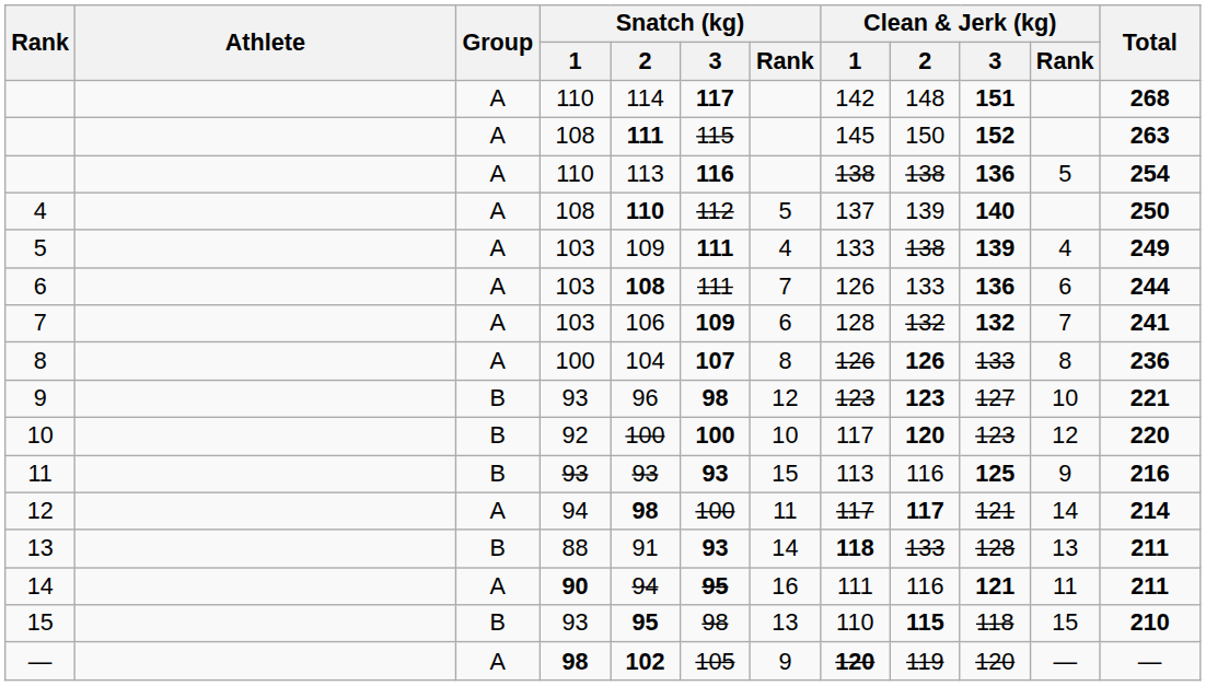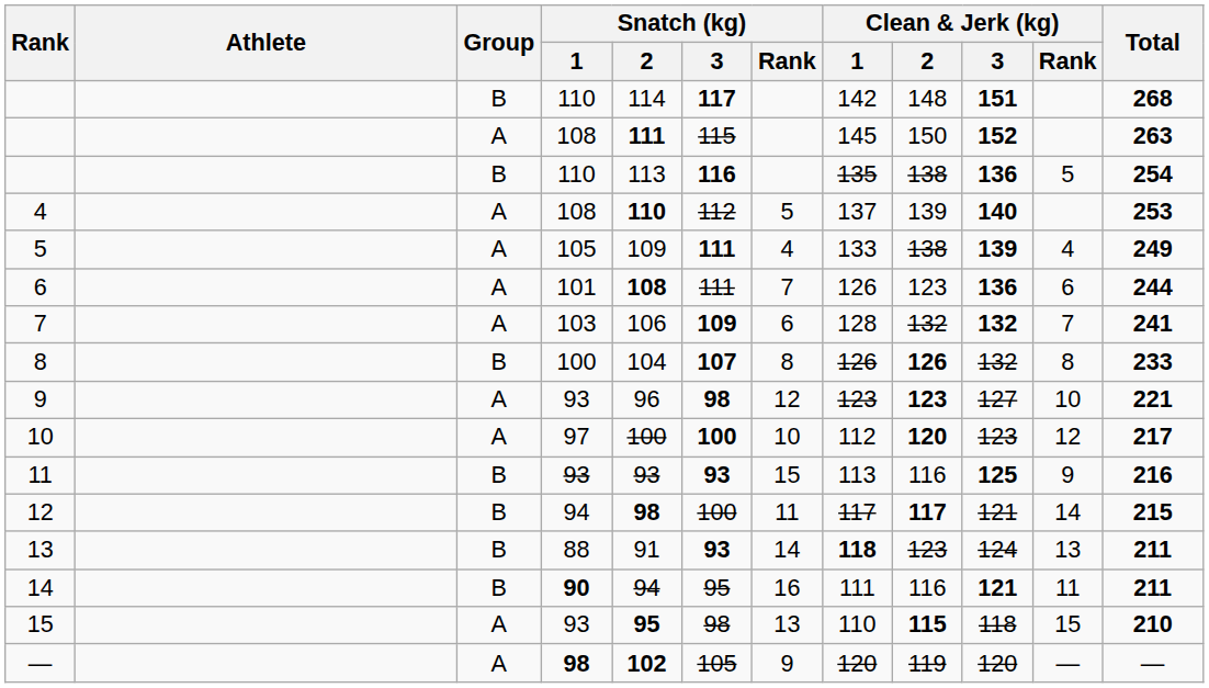 <table class = "wikitable" style="text-align:center;">
 <tr>
 <th rowspan=2 width=40>Rank</th>
 <th rowspan=2 width=250>Athlete</th>
 <th rowspan=2 width=50>Group</th>
 <th colspan=4>Snatch (kg)</th>
 <th colspan=4>Clean & Jerk (kg)</th>
 <th rowspan=2 width=60>Total</th>
 </tr>
 <tr>
 <th width=40>1</th>
 <th width=40>2</th>
 <th width=40>3</th>
 <th width=40>Rank</th>
 <th width=40>1</th>
 <th width=40>2</th>
 <th width=40>3</th>
 <th width=40>Rank</th>
 </tr>
 <tr>
 <td></td>
 <td align=left></td>
-<td>A</td>
+<td>B</td>
 <td>110</td>
 <td>114</td>
 <td><strong>117</strong></td>
 <td></td>
 <td>142</td>
 <td>148</td>
 <td><strong>151</strong></td>
 <td></td>
 <td><strong>268</strong></td>
 </tr>
 <tr>
 <td></td>
 <td align=left></td>
 <td>A</td>
 <td>108</td>
 <td><strong>111</strong></td>
 <td><s>115</s></td>
 <td></td>
 <td>145</td>
 <td>150</td>
 <td><strong>152</strong></td>
 <td></td>
 <td><strong>263</strong></td>
 </tr>
 <tr>
 <td></td>
 <td align=left></td>
-<td>A</td>
+<td>B</td>
 <td>110</td>
 <td>113</td>
 <td><strong>116</strong></td>
 <td></td>
-<td><s>138</s></td>
+<td><s>135</s></td>
 <td><s>138</s></td>
 <td><strong>136</strong></td>
 <td>5</td>
 <td><strong>254</strong></td>
 </tr>
 <tr>
 <td>4</td>
 <td align=left></td>
 <td>A</td>
 <td>108</td>
 <td><strong>110</strong></td>
 <td><s>112</s></td>
 <td>5</td>
 <td>137</td>
 <td>139</td>
 <td><strong>140</strong></td>
 <td></td>
-<td><strong>250</strong></td>
+<td><strong>253</strong></td>
 </tr>
 <tr>
 <td>5</td>
 <td align=left></td>
 <td>A</td>
-<td>103</td>
+<td>105</td>
 <td>109</td>
 <td><strong>111</strong></td>
 <td>4</td>
 <td>133</td>
 <td><s>138</s></td>
 <td><strong>139</strong></td>
 <td>4</td>
 <td><strong>249</strong></td>
 </tr>
 <tr>
 <td>6</td>
 <td align=left></td>
 <td>A</td>
-<td>103</td>
+<td>101</td>
 <td><strong>108</strong></td>
 <td><s>111</s></td>
 <td>7</td>
 <td>126</td>
-<td>133</td>
+<td>123</td>
 <td><strong>136</strong></td>
 <td>6</td>
 <td><strong>244</strong></td>
 </tr>
 <tr>
 <td>7</td>
 <td align=left></td>
 <td>A</td>
 <td>103</td>
 <td>106</td>
 <td><strong>109</strong></td>
 <td>6</td>
 <td>128</td>
 <td><s>132</s></td>
 <td><strong>132</strong></td>
 <td>7</td>
 <td><strong>241</strong></td>
 </tr>
 <tr>
 <td>8</td>
 <td align=left></td>
-<td>A</td>
+<td>B</td>
 <td>100</td>
 <td>104</td>
 <td><strong>107</strong></td>
 <td>8</td>
 <td><s>126</s></td>
 <td><strong>126</strong></td>
-<td><s>133</s></td>
+<td><s>132</s></td>
 <td>8</td>
-<td><strong>236</strong></td>
+<td><strong>233</strong></td>
 </tr>
 <tr>
 <td>9</td>
 <td align=left></td>
-<td>B</td>
+<td>A</td>
 <td>93</td>
 <td>96</td>
 <td><strong>98</strong></td>
 <td>12</td>
 <td><s>123</s></td>
 <td><strong>123</strong></td>
 <td><s>127</s></td>
 <td>10</td>
 <td><strong>221</strong></td>
 </tr>
 <tr>
 <td>10</td>
 <td align=left></td>
-<td>B</td>
-<td>92</td>
+<td>A</td>
+<td>97</td>
 <td><s>100</s></td>
 <td><strong>100</strong></td>
 <td>10</td>
-<td>117</td>
+<td>112</td>
 <td><strong>120</strong></td>
 <td><s>123</s></td>
 <td>12</td>
-<td><strong>220</strong></td>
+<td><strong>217</strong></td>
 </tr>
 <tr>
 <td>11</td>
 <td align=left></td>
 <td>B</td>
 <td><s>93</s></td>
 <td><s>93</s></td>
 <td><strong>93</strong></td>
 <td>15</td>
 <td>113</td>
 <td>116</td>
 <td><strong>125</strong></td>
 <td>9</td>
 <td><strong>216</strong></td>
 </tr>
 <tr>
 <td>12</td>
 <td align=left></td>
-<td>A</td>
+<td>B</td>
 <td>94</td>
 <td><strong>98</strong></td>
 <td><s>100</s></td>
 <td>11</td>
 <td><s>117</s></td>
 <td><strong>117</strong></td>
 <td><s>121</s></td>
 <td>14</td>
-<td><strong>214</strong></td>
+<td><strong>215</strong></td>
 </tr>
 <tr>
 <td>13</td>
 <td align=left></td>
 <td>B</td>
 <td>88</td>
 <td>91</td>
 <td><strong>93</strong></td>
 <td>14</td>
 <td><strong>118</strong></td>
-<td><s>133</s></td>
-<td><s>128</s></td>
+<td><s>123</s></td>
+<td><s>124</s></td>
 <td>13</td>
 <td><strong>211</strong></td>
 </tr>
 <tr>
 <td>14</td>
 <td align=left></td>
-<td>A</td>
+<td>B</td>
 <td><strong>90</strong></td>
 <td><s>94</s></td>
-<td><strong><s>95</s></strong></td>
+<td><s>95</s></td>
 <td>16</td>
 <td>111</td>
 <td>116</td>
 <td><strong>121</strong></td>
 <td>11</td>
 <td><strong>211</strong></td>
 </tr>
 <tr>
 <td>15</td>
 <td align=left></td>
-<td>B</td>
+<td>A</td>
 <td>93</td>
 <td><strong>95</strong></td>
 <td><s>98</s></td>
 <td>13</td>
 <td>110</td>
 <td><strong>115</strong></td>
 <td><s>118</s></td>
 <td>15</td>
 <td><strong>210</strong></td>
 </tr>
 <tr>
 <td>—</td>
 <td align=left></td>
 <td>A</td>
 <td><strong>98</strong></td>
 <td><strong>102</strong></td>
 <td><s>105</s></td>
 <td>9</td>
-<td><strong><s>120</s></strong></td>
+<td><s>120</s></td>
 <td><s>119</s></td>
 <td><s>120</s></td>
 <td>—</td>
 <td>—</td>
 </tr>
 </table>
